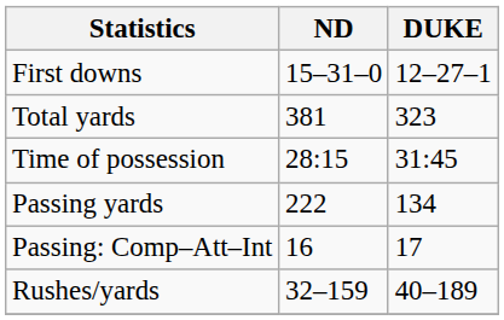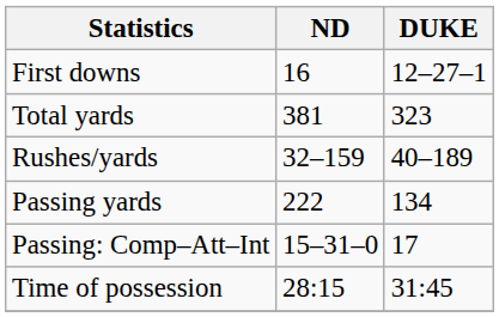 <table class="wikitable" style="float: left;">
 <tr>
 <th>Statistics</th>
 <th>ND</th>
 <th>DUKE</th>
 </tr>
 <tr>
 <td>First downs</td>
-<td>15–31–0</td>
+<td>16</td>
 <td>12–27–1</td>
 </tr>
 <tr>
 <td>Total yards</td>
 <td>381</td>
 <td>323</td>
 </tr>
 <tr>
-<td>Time of possession</td>
-<td>28:15</td>
-<td>31:45</td>
+<td>Rushes/yards</td>
+<td>32–159</td>
+<td>40–189</td>
 </tr>
 <tr>
 <td>Passing yards</td>
 <td>222</td>
 <td>134</td>
 </tr>
 <tr>
 <td>Passing: Comp–Att–Int</td>
-<td>16</td>
+<td>15–31–0</td>
 <td>17</td>
 </tr>
 <tr>
-<td>Rushes/yards</td>
-<td>32–159</td>
-<td>40–189</td>
+<td>Time of possession</td>
+<td>28:15</td>
+<td>31:45</td>
 </tr>
 <tr>
 </tr>
 </table>
